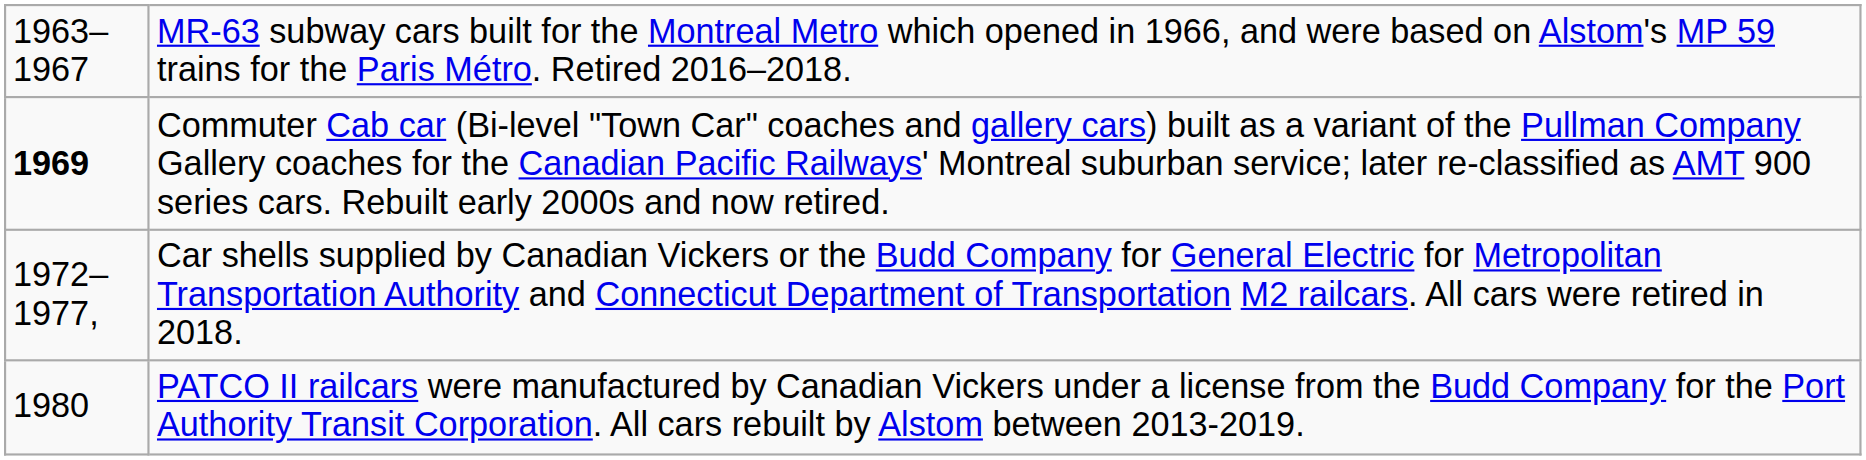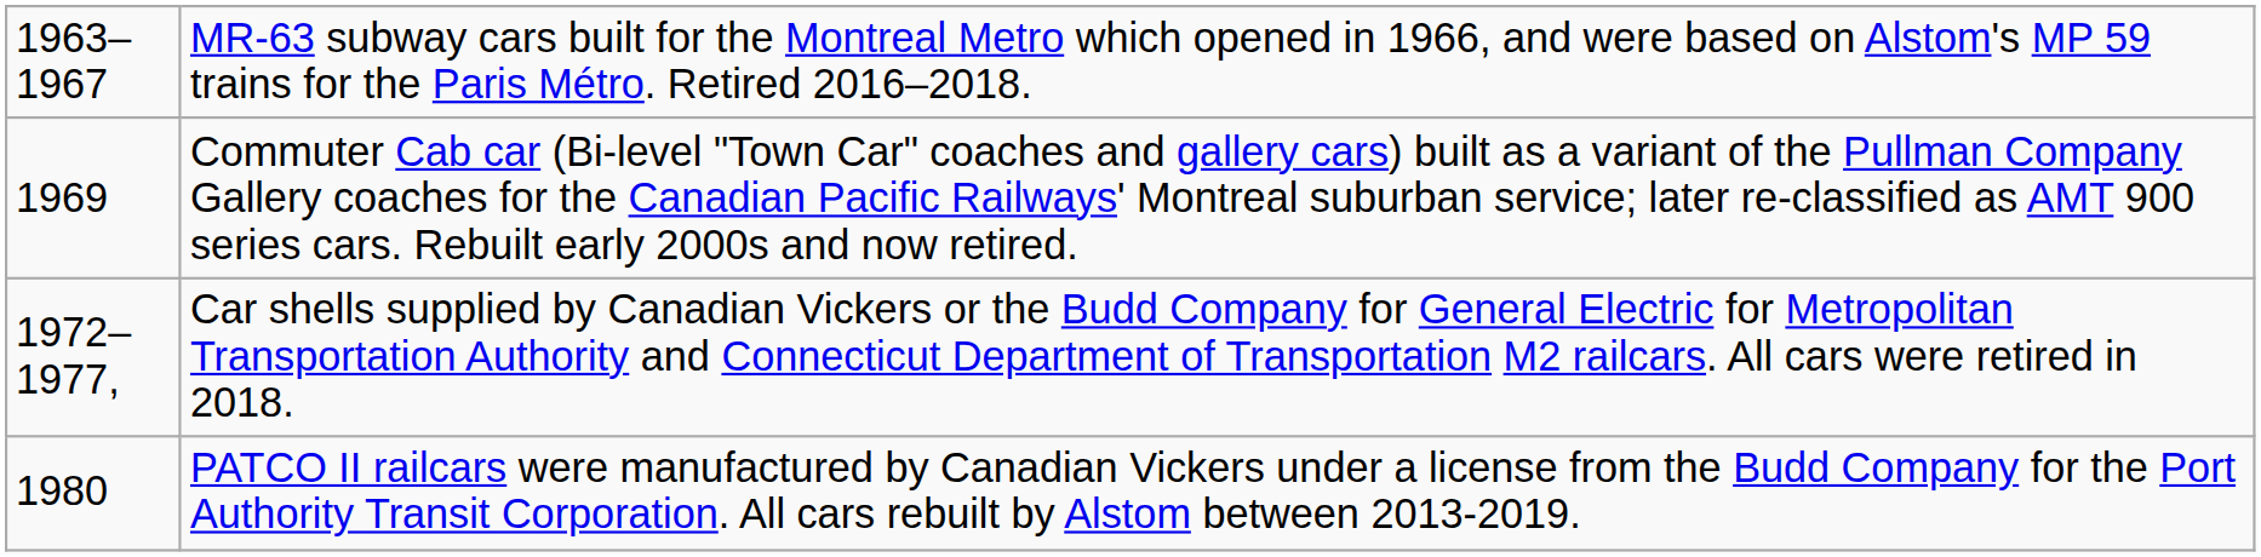 <table class=wikitable>
 <tr>
 <td>1963–1967</td>
 <td><a href='#'>MR-63</a> subway cars built for the <a href='#'>Montreal Metro</a> which opened in 1966, and were based on <a href='#'>Alstom</a>'s <a href='#'>MP 59</a> trains for the <a href='#'>Paris Métro</a>. Retired 2016–2018.</td>
 </tr>
 <tr>
-<td><strong>1969</strong></td>
+<td>1969</td>
 <td>Commuter <a href='#'>Cab car</a> (Bi-level "Town Car" coaches and <a href='#'>gallery cars</a>) built as a variant of the <a href='#'>Pullman Company</a> Gallery coaches for the <a href='#'>Canadian Pacific Railways</a>' Montreal suburban service; later re-classified as <a href='#'>AMT</a> 900 series cars. Rebuilt early 2000s and now retired.</td>
 </tr>
 <tr>
 <td>1972–1977,</td>
 <td>Car shells supplied by Canadian Vickers  or the <a href='#'>Budd Company</a> for <a href='#'>General Electric</a> for <a href='#'>Metropolitan Transportation Authority</a> and <a href='#'>Connecticut Department of Transportation</a> <a href='#'>M2 railcars</a>. All cars were retired in 2018.</td>
 </tr>
 <tr>
 <td>1980</td>
 <td><a href='#'>PATCO II railcars</a> were manufactured by Canadian Vickers under a license from the <a href='#'>Budd Company</a> for the <a href='#'>Port Authority Transit Corporation</a>. All cars rebuilt by <a href='#'>Alstom</a> between 2013-2019.</td>
 </tr>
 </table>
